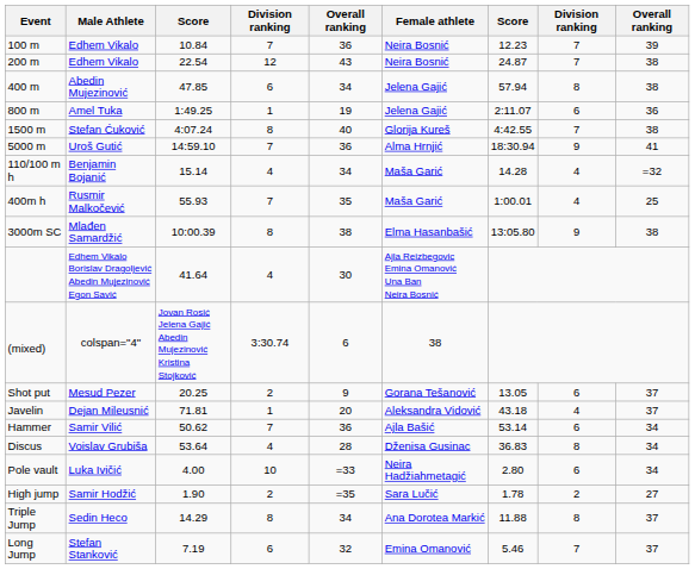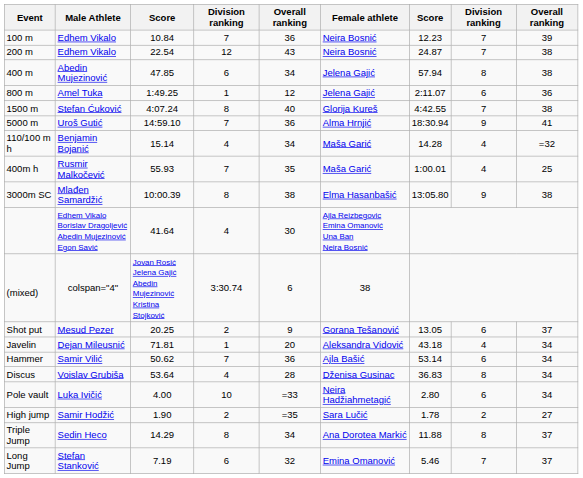 <table class="wikitable" style="text-align:center; font-size:90%">
 <tr>
 <th>Event</th>
 <th>Male Athlete</th>
 <th>Score</th>
 <th>Division ranking</th>
 <th>Overall ranking</th>
 <th>Female athlete</th>
 <th>Score</th>
 <th>Division ranking</th>
 <th>Overall ranking</th>
 </tr>
 <tr>
 <td align="left">100 m</td>
 <td align="left"><a href='#'>Edhem Vikalo</a></td>
 <td>10.84</td>
 <td>7</td>
 <td>36</td>
 <td align="left"><a href='#'>Neira Bosnić</a></td>
 <td>12.23</td>
 <td>7</td>
 <td>39</td>
 </tr>
 <tr>
 <td align="left">200 m</td>
 <td align="left"><a href='#'>Edhem Vikalo</a></td>
 <td>22.54</td>
 <td>12</td>
 <td>43</td>
 <td align="left"><a href='#'>Neira Bosnić</a></td>
 <td>24.87</td>
 <td>7</td>
 <td>38</td>
 </tr>
 <tr>
 <td align="left">400 m</td>
 <td align="left"><a href='#'>Abedin Mujezinović</a></td>
 <td>47.85</td>
 <td>6</td>
 <td>34</td>
 <td align="left"><a href='#'>Jelena Gajić</a></td>
 <td>57.94</td>
 <td>8</td>
 <td>38</td>
 </tr>
 <tr>
 <td align="left">800 m</td>
 <td align="left"><a href='#'>Amel Tuka</a></td>
 <td>1:49.25</td>
 <td>1</td>
-<td>19</td>
+<td>12</td>
 <td align="left"><a href='#'>Jelena Gajić</a></td>
 <td>2:11.07</td>
 <td>6</td>
 <td>36</td>
 </tr>
 <tr>
 <td align="left">1500 m</td>
 <td align="left"><a href='#'>Stefan Ćuković</a></td>
 <td>4:07.24</td>
 <td>8</td>
 <td>40</td>
 <td align="left"><a href='#'>Glorija Kureš</a></td>
 <td>4:42.55</td>
 <td>7</td>
 <td>38</td>
 </tr>
 <tr>
 <td align="left">5000 m</td>
 <td align="left"><a href='#'>Uroš Gutić</a></td>
 <td>14:59.10</td>
 <td>7</td>
 <td>36</td>
 <td align="left"><a href='#'>Alma Hrnjić</a></td>
 <td>18:30.94</td>
 <td>9</td>
 <td>41</td>
 </tr>
 <tr>
 <td align="left">110/100 m h</td>
 <td align="left"><a href='#'>Benjamin Bojanić</a></td>
 <td>15.14</td>
 <td>4</td>
 <td>34</td>
 <td align="left"><a href='#'>Maša Garić</a></td>
 <td>14.28</td>
 <td>4</td>
 <td>=32</td>
 </tr>
 <tr>
 <td align="left">400m h</td>
 <td align="left"><a href='#'>Rusmir Malkočević</a></td>
 <td>55.93</td>
 <td>7</td>
 <td>35</td>
 <td align="left"><a href='#'>Maša Garić</a></td>
 <td>1:00.01</td>
 <td>4</td>
 <td>25</td>
 </tr>
 <tr>
 <td align="left">3000m SC</td>
 <td align="left"><a href='#'>Mlađen Samardžić</a></td>
 <td>10:00.39</td>
 <td>8</td>
 <td>38</td>
 <td align="left"><a href='#'>Elma Hasanbašić</a></td>
 <td>13:05.80</td>
 <td>9</td>
 <td>38</td>
 </tr>
 <tr>
 <td align="left"></td>
 <td align="left"><small><a href='#'>Edhem Vikalo</a><br><a href='#'>Borislav Dragoljević</a><br><a href='#'>Abedin Mujezinović</a><br><a href='#'>Egon Savić</a></small></td>
 <td>41.64</td>
 <td>4</td>
 <td>30</td>
 <td align="left"><small><a href='#'>Ajla Reizbegovic</a><br><a href='#'>Emina Omanović</a><br><a href='#'>Una Ban</a><br><a href='#'>Neira Bosnić</a></small></td>
 <td colspan="3"></td>
 </tr>
 <tr>
 <td align="left"><br>(mixed)</td>
 <td>colspan="4" </td>
 <td align="left"><small><a href='#'>Jovan Rosić</a><br><a href='#'>Jelena Gajić</a><br><a href='#'>Abedin Mujezinović</a><br><a href='#'>Kristina Stojković</a></small></td>
 <td>3:30.74</td>
 <td>6</td>
 <td>38</td>
 </tr>
 <tr>
 <td align="left">Shot put</td>
 <td align="left"><a href='#'>Mesud Pezer</a></td>
 <td>20.25</td>
 <td>2</td>
 <td>9</td>
 <td align="left"><a href='#'>Gorana Tešanović</a></td>
 <td>13.05</td>
 <td>6</td>
 <td>37</td>
 </tr>
 <tr>
 <td align="left">Javelin</td>
 <td align="left"><a href='#'>Dejan Mileusnić</a></td>
 <td>71.81</td>
 <td>1</td>
 <td>20</td>
 <td align="left"><a href='#'>Aleksandra Vidović</a></td>
 <td>43.18</td>
 <td>4</td>
-<td>37</td>
+<td>34</td>
 </tr>
 <tr>
 <td align="left">Hammer</td>
 <td align="left"><a href='#'>Samir Vilić</a></td>
 <td>50.62</td>
 <td>7</td>
 <td>36</td>
 <td align="left"><a href='#'>Ajla Bašić</a></td>
 <td>53.14</td>
 <td>6</td>
 <td>34</td>
 </tr>
 <tr>
 <td align="left">Discus</td>
 <td align="left"><a href='#'>Voislav Grubiša</a></td>
 <td>53.64</td>
 <td>4</td>
 <td>28</td>
 <td align="left"><a href='#'>Dženisa Gusinac</a></td>
 <td>36.83</td>
 <td>8</td>
 <td>34</td>
 </tr>
 <tr>
 <td align="left">Pole vault</td>
 <td align="left"><a href='#'>Luka Ivičić</a></td>
 <td>4.00</td>
 <td>10</td>
 <td>=33</td>
 <td align="left"><a href='#'>Neira Hadžiahmetagić</a></td>
 <td>2.80</td>
 <td>6</td>
 <td>34</td>
 </tr>
 <tr>
 <td align="left">High jump</td>
 <td align="left"><a href='#'>Samir Hodžić</a></td>
 <td>1.90</td>
 <td>2</td>
 <td>=35</td>
 <td align="left"><a href='#'>Sara Lučić</a></td>
 <td>1.78</td>
 <td>2</td>
 <td>27</td>
 </tr>
 <tr>
 <td align="left">Triple Jump</td>
 <td align="left"><a href='#'>Sedin Heco</a></td>
 <td>14.29</td>
 <td>8</td>
 <td>34</td>
 <td align="left"><a href='#'>Ana Dorotea Markić</a></td>
 <td>11.88</td>
 <td>8</td>
 <td>37</td>
 </tr>
 <tr>
 <td align="left">Long Jump</td>
 <td align="left"><a href='#'>Stefan Stanković</a></td>
 <td>7.19</td>
 <td>6</td>
 <td>32</td>
 <td align="left"><a href='#'>Emina Omanović</a></td>
 <td>5.46</td>
 <td>7</td>
 <td>37</td>
 </tr>
 </table>
